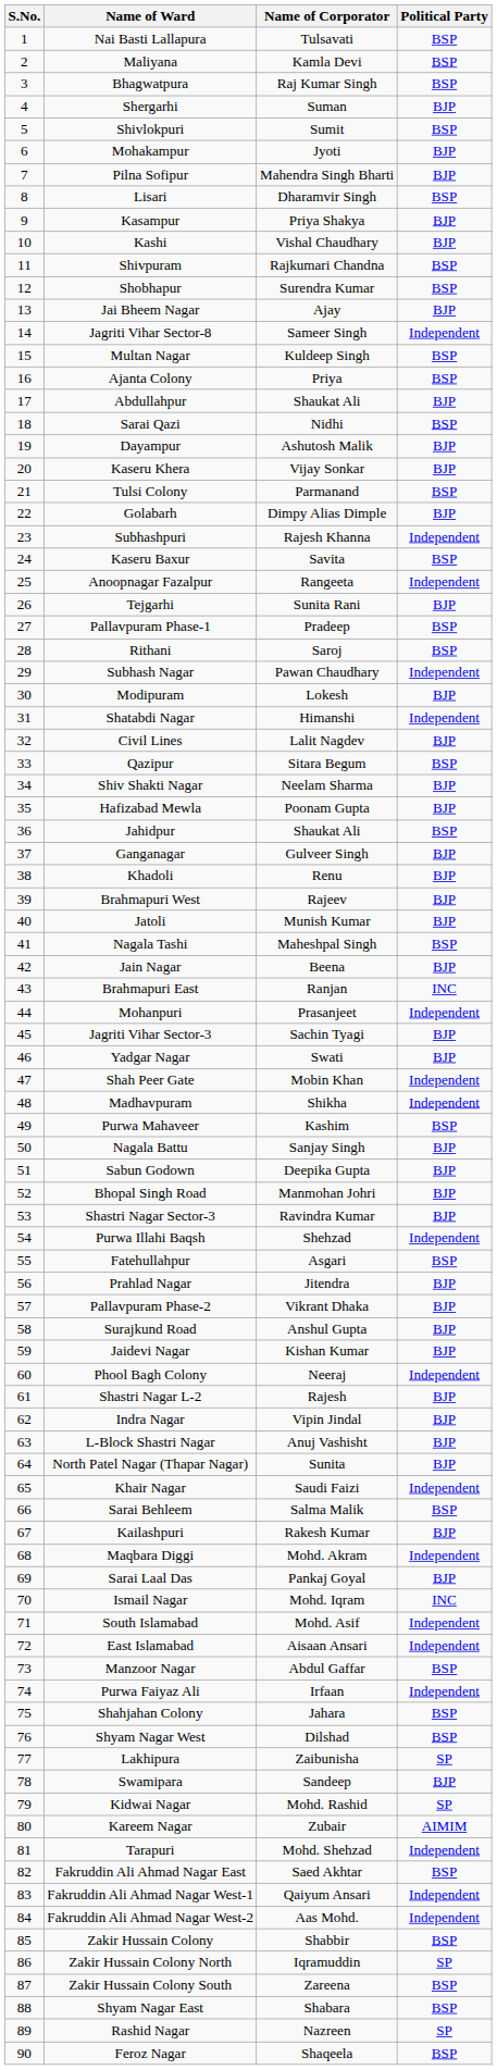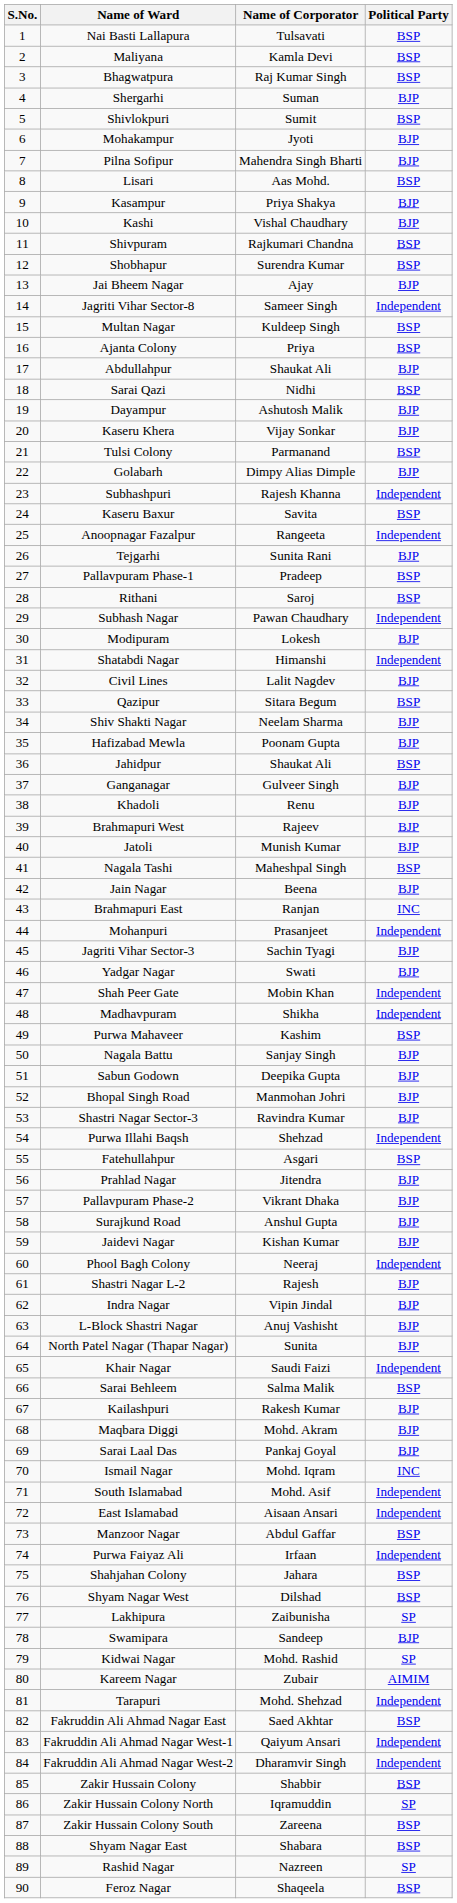 <table class="wikitable sortable">
 <tr>
 <th style="padding-center:15px;">S.No.</th>
 <th style="padding-center:15px;">Name of Ward</th>
 <th style="padding-center:15px;">Name of Corporator</th>
 <th style="padding-center:15px;">Political Party</th>
 </tr>
 <tr>
 <td align="center">1</td>
 <td align="center">Nai Basti Lallapura</td>
 <td align="center">Tulsavati</td>
 <td align="center"><a href='#'>BSP</a></td>
 </tr>
 <tr>
 <td align="center">2</td>
 <td align="center">Maliyana</td>
 <td align="center">Kamla Devi</td>
 <td align="center"><a href='#'>BSP</a></td>
 </tr>
 <tr>
 <td align="center">3</td>
 <td align="center">Bhagwatpura</td>
 <td align="center">Raj Kumar Singh</td>
 <td align="center"><a href='#'>BSP</a></td>
 </tr>
 <tr>
 <td align="center">4</td>
 <td align="center">Shergarhi</td>
 <td align="center">Suman</td>
 <td align="center"><a href='#'>BJP</a></td>
 </tr>
 <tr>
 <td align="center">5</td>
 <td align="center">Shivlokpuri</td>
 <td align="center">Sumit</td>
 <td align="center"><a href='#'>BSP</a></td>
 </tr>
 <tr>
 <td align="center">6</td>
 <td align="center">Mohakampur</td>
 <td align="center">Jyoti</td>
 <td align="center"><a href='#'>BJP</a></td>
 </tr>
 <tr>
 <td align="center">7</td>
 <td align="center">Pilna Sofipur</td>
 <td align="center">Mahendra Singh Bharti</td>
 <td align="center"><a href='#'>BJP</a></td>
 </tr>
 <tr>
 <td align="center">8</td>
 <td align="center">Lisari</td>
-<td align="center">Dharamvir Singh</td>
+<td align="center">Aas Mohd.</td>
 <td align="center"><a href='#'>BSP</a></td>
 </tr>
 <tr>
 <td align="center">9</td>
 <td align="center">Kasampur</td>
 <td align="center">Priya Shakya</td>
 <td align="center"><a href='#'>BJP</a></td>
 </tr>
 <tr>
 <td align="center">10</td>
 <td align="center">Kashi</td>
 <td align="center">Vishal Chaudhary</td>
 <td align="center"><a href='#'>BJP</a></td>
 </tr>
 <tr>
 <td align="center">11</td>
 <td align="center">Shivpuram</td>
 <td align="center">Rajkumari Chandna</td>
 <td align="center"><a href='#'>BSP</a></td>
 </tr>
 <tr>
 <td align="center">12</td>
 <td align="center">Shobhapur</td>
 <td align="center">Surendra Kumar</td>
 <td align="center"><a href='#'>BSP</a></td>
 </tr>
 <tr>
 <td align="center">13</td>
 <td align="center">Jai Bheem Nagar</td>
 <td align="center">Ajay</td>
 <td align="center"><a href='#'>BJP</a></td>
 </tr>
 <tr>
 <td align="center">14</td>
 <td align="center">Jagriti Vihar Sector-8</td>
 <td align="center">Sameer Singh</td>
 <td align="center"><a href='#'>Independent</a></td>
 </tr>
 <tr>
 <td align="center">15</td>
 <td align="center">Multan Nagar</td>
 <td align="center">Kuldeep Singh</td>
 <td align="center"><a href='#'>BSP</a></td>
 </tr>
 <tr>
 <td align="center">16</td>
 <td align="center">Ajanta Colony</td>
 <td align="center">Priya</td>
 <td align="center"><a href='#'>BSP</a></td>
 </tr>
 <tr>
 <td align="center">17</td>
 <td align="center">Abdullahpur</td>
 <td align="center">Shaukat Ali</td>
 <td align="center"><a href='#'>BJP</a></td>
 </tr>
 <tr>
 <td align="center">18</td>
 <td align="center">Sarai Qazi</td>
 <td align="center">Nidhi</td>
 <td align="center"><a href='#'>BSP</a></td>
 </tr>
 <tr>
 <td align="center">19</td>
 <td align="center">Dayampur</td>
 <td align="center">Ashutosh Malik</td>
 <td align="center"><a href='#'>BJP</a></td>
 </tr>
 <tr>
 <td align="center">20</td>
 <td align="center">Kaseru Khera</td>
 <td align="center">Vijay Sonkar</td>
 <td align="center"><a href='#'>BJP</a></td>
 </tr>
 <tr>
 <td align="center">21</td>
 <td align="center">Tulsi Colony</td>
 <td align="center">Parmanand</td>
 <td align="center"><a href='#'>BSP</a></td>
 </tr>
 <tr>
 <td align="center">22</td>
 <td align="center">Golabarh</td>
 <td align="center">Dimpy Alias Dimple</td>
 <td align="center"><a href='#'>BJP</a></td>
 </tr>
 <tr>
 <td align="center">23</td>
 <td align="center">Subhashpuri</td>
 <td align="center">Rajesh Khanna</td>
 <td align="center"><a href='#'>Independent</a></td>
 </tr>
 <tr>
 <td align="center">24</td>
 <td align="center">Kaseru Baxur</td>
 <td align="center">Savita</td>
 <td align="center"><a href='#'>BSP</a></td>
 </tr>
 <tr>
 <td align="center">25</td>
 <td align="center">Anoopnagar Fazalpur</td>
 <td align="center">Rangeeta</td>
 <td align="center"><a href='#'>Independent</a></td>
 </tr>
 <tr>
 <td align="center">26</td>
 <td align="center">Tejgarhi</td>
 <td align="center">Sunita Rani</td>
 <td align="center"><a href='#'>BJP</a></td>
 </tr>
 <tr>
 <td align="center">27</td>
 <td align="center">Pallavpuram Phase-1</td>
 <td align="center">Pradeep</td>
 <td align="center"><a href='#'>BSP</a></td>
 </tr>
 <tr>
 <td align="center">28</td>
 <td align="center">Rithani</td>
 <td align="center">Saroj</td>
 <td align="center"><a href='#'>BSP</a></td>
 </tr>
 <tr>
 <td align="center">29</td>
 <td align="center">Subhash Nagar</td>
 <td align="center">Pawan Chaudhary</td>
 <td align="center"><a href='#'>Independent</a></td>
 </tr>
 <tr>
 <td align="center">30</td>
 <td align="center">Modipuram</td>
 <td align="center">Lokesh</td>
 <td align="center"><a href='#'>BJP</a></td>
 </tr>
 <tr>
 <td align="center">31</td>
 <td align="center">Shatabdi Nagar</td>
 <td align="center">Himanshi</td>
 <td align="center"><a href='#'>Independent</a></td>
 </tr>
 <tr>
 <td align="center">32</td>
 <td align="center">Civil Lines</td>
 <td align="center">Lalit Nagdev</td>
 <td align="center"><a href='#'>BJP</a></td>
 </tr>
 <tr>
 <td align="center">33</td>
 <td align="center">Qazipur</td>
 <td align="center">Sitara Begum</td>
 <td align="center"><a href='#'>BSP</a></td>
 </tr>
 <tr>
 <td align="center">34</td>
 <td align="center">Shiv Shakti Nagar</td>
 <td align="center">Neelam Sharma</td>
 <td align="center"><a href='#'>BJP</a></td>
 </tr>
 <tr>
 <td align="center">35</td>
 <td align="center">Hafizabad Mewla</td>
 <td align="center">Poonam Gupta</td>
 <td align="center"><a href='#'>BJP</a></td>
 </tr>
 <tr>
 <td align="center">36</td>
 <td align="center">Jahidpur</td>
 <td align="center">Shaukat Ali</td>
 <td align="center"><a href='#'>BSP</a></td>
 </tr>
 <tr>
 <td align="center">37</td>
 <td align="center">Ganganagar</td>
 <td align="center">Gulveer Singh</td>
 <td align="center"><a href='#'>BJP</a></td>
 </tr>
 <tr>
 <td align="center">38</td>
 <td align="center">Khadoli</td>
 <td align="center">Renu</td>
 <td align="center"><a href='#'>BJP</a></td>
 </tr>
 <tr>
 <td align="center">39</td>
 <td align="center">Brahmapuri West</td>
 <td align="center">Rajeev</td>
 <td align="center"><a href='#'>BJP</a></td>
 </tr>
 <tr>
 <td align="center">40</td>
 <td align="center">Jatoli</td>
 <td align="center">Munish Kumar</td>
 <td align="center"><a href='#'>BJP</a></td>
 </tr>
 <tr>
 <td align="center">41</td>
 <td align="center">Nagala Tashi</td>
 <td align="center">Maheshpal Singh</td>
 <td align="center"><a href='#'>BSP</a></td>
 </tr>
 <tr>
 <td align="center">42</td>
 <td align="center">Jain Nagar</td>
 <td align="center">Beena</td>
 <td align="center"><a href='#'>BJP</a></td>
 </tr>
 <tr>
 <td align="center">43</td>
 <td align="center">Brahmapuri East</td>
 <td align="center">Ranjan</td>
 <td align="center"><a href='#'>INC</a></td>
 </tr>
 <tr>
 <td align="center">44</td>
 <td align="center">Mohanpuri</td>
 <td align="center">Prasanjeet</td>
 <td align="center"><a href='#'>Independent</a></td>
 </tr>
 <tr>
 <td align="center">45</td>
 <td align="center">Jagriti Vihar Sector-3</td>
 <td align="center">Sachin Tyagi</td>
 <td align="center"><a href='#'>BJP</a></td>
 </tr>
 <tr>
 <td align="center">46</td>
 <td align="center">Yadgar Nagar</td>
 <td align="center">Swati</td>
 <td align="center"><a href='#'>BJP</a></td>
 </tr>
 <tr>
 <td align="center">47</td>
 <td align="center">Shah Peer Gate</td>
 <td align="center">Mobin Khan</td>
 <td align="center"><a href='#'>Independent</a></td>
 </tr>
 <tr>
 <td align="center">48</td>
 <td align="center">Madhavpuram</td>
 <td align="center">Shikha</td>
 <td align="center"><a href='#'>Independent</a></td>
 </tr>
 <tr>
 <td align="center">49</td>
 <td align="center">Purwa Mahaveer</td>
 <td align="center">Kashim</td>
 <td align="center"><a href='#'>BSP</a></td>
 </tr>
 <tr>
 <td align="center">50</td>
 <td align="center">Nagala Battu</td>
 <td align="center">Sanjay Singh</td>
 <td align="center"><a href='#'>BJP</a></td>
 </tr>
 <tr>
 <td align="center">51</td>
 <td align="center">Sabun Godown</td>
 <td align="center">Deepika Gupta</td>
 <td align="center"><a href='#'>BJP</a></td>
 </tr>
 <tr>
 <td align="center">52</td>
 <td align="center">Bhopal Singh Road</td>
 <td align="center">Manmohan Johri</td>
 <td align="center"><a href='#'>BJP</a></td>
 </tr>
 <tr>
 <td align="center">53</td>
 <td align="center">Shastri Nagar Sector-3</td>
 <td align="center">Ravindra Kumar</td>
 <td align="center"><a href='#'>BJP</a></td>
 </tr>
 <tr>
 <td align="center">54</td>
 <td align="center">Purwa Illahi Baqsh</td>
 <td align="center">Shehzad</td>
 <td align="center"><a href='#'>Independent</a></td>
 </tr>
 <tr>
 <td align="center">55</td>
 <td align="center">Fatehullahpur</td>
 <td align="center">Asgari</td>
 <td align="center"><a href='#'>BSP</a></td>
 </tr>
 <tr>
 <td align="center">56</td>
 <td align="center">Prahlad Nagar</td>
 <td align="center">Jitendra</td>
 <td align="center"><a href='#'>BJP</a></td>
 </tr>
 <tr>
 <td align="center">57</td>
 <td align="center">Pallavpuram Phase-2</td>
 <td align="center">Vikrant Dhaka</td>
 <td align="center"><a href='#'>BJP</a></td>
 </tr>
 <tr>
 <td align="center">58</td>
 <td align="center">Surajkund Road</td>
 <td align="center">Anshul Gupta</td>
 <td align="center"><a href='#'>BJP</a></td>
 </tr>
 <tr>
 <td align="center">59</td>
 <td align="center">Jaidevi Nagar</td>
 <td align="center">Kishan Kumar</td>
 <td align="center"><a href='#'>BJP</a></td>
 </tr>
 <tr>
 <td align="center">60</td>
 <td align="center">Phool Bagh Colony</td>
 <td align="center">Neeraj</td>
 <td align="center"><a href='#'>Independent</a></td>
 </tr>
 <tr>
 <td align="center">61</td>
 <td align="center">Shastri Nagar L-2</td>
 <td align="center">Rajesh</td>
 <td align="center"><a href='#'>BJP</a></td>
 </tr>
 <tr>
 <td align="center">62</td>
 <td align="center">Indra Nagar</td>
 <td align="center">Vipin Jindal</td>
 <td align="center"><a href='#'>BJP</a></td>
 </tr>
 <tr>
 <td align="center">63</td>
 <td align="center">L-Block Shastri Nagar</td>
 <td align="center">Anuj Vashisht</td>
 <td align="center"><a href='#'>BJP</a></td>
 </tr>
 <tr>
 <td align="center">64</td>
 <td align="center">North Patel Nagar (Thapar Nagar)</td>
 <td align="center">Sunita</td>
 <td align="center"><a href='#'>BJP</a></td>
 </tr>
 <tr>
 <td align="center">65</td>
 <td align="center">Khair Nagar</td>
 <td align="center">Saudi Faizi</td>
 <td align="center"><a href='#'>Independent</a></td>
 </tr>
 <tr>
 <td align="center">66</td>
 <td align="center">Sarai Behleem</td>
 <td align="center">Salma Malik</td>
 <td align="center"><a href='#'>BSP</a></td>
 </tr>
 <tr>
 <td align="center">67</td>
 <td align="center">Kailashpuri</td>
 <td align="center">Rakesh Kumar</td>
 <td align="center"><a href='#'>BJP</a></td>
 </tr>
 <tr>
 <td align="center">68</td>
 <td align="center">Maqbara Diggi</td>
 <td align="center">Mohd. Akram</td>
-<td align="center"><a href='#'>Independent</a></td>
+<td align="center"><a href='#'>BJP</a></td>
 </tr>
 <tr>
 <td align="center">69</td>
 <td align="center">Sarai Laal Das</td>
 <td align="center">Pankaj Goyal</td>
 <td align="center"><a href='#'>BJP</a></td>
 </tr>
 <tr>
 <td align="center">70</td>
 <td align="center">Ismail Nagar</td>
 <td align="center">Mohd. Iqram</td>
 <td align="center"><a href='#'>INC</a></td>
 </tr>
 <tr>
 <td align="center">71</td>
 <td align="center">South Islamabad</td>
 <td align="center">Mohd. Asif</td>
 <td align="center"><a href='#'>Independent</a></td>
 </tr>
 <tr>
 <td align="center">72</td>
 <td align="center">East Islamabad</td>
 <td align="center">Aisaan Ansari</td>
 <td align="center"><a href='#'>Independent</a></td>
 </tr>
 <tr>
 <td align="center">73</td>
 <td align="center">Manzoor Nagar</td>
 <td align="center">Abdul Gaffar</td>
 <td align="center"><a href='#'>BSP</a></td>
 </tr>
 <tr>
 <td align="center">74</td>
 <td align="center">Purwa Faiyaz Ali</td>
 <td align="center">Irfaan</td>
 <td align="center"><a href='#'>Independent</a></td>
 </tr>
 <tr>
 <td align="center">75</td>
 <td align="center">Shahjahan Colony</td>
 <td align="center">Jahara</td>
 <td align="center"><a href='#'>BSP</a></td>
 </tr>
 <tr>
 <td align="center">76</td>
 <td align="center">Shyam Nagar West</td>
 <td align="center">Dilshad</td>
 <td align="center"><a href='#'>BSP</a></td>
 </tr>
 <tr>
 <td align="center">77</td>
 <td align="center">Lakhipura</td>
 <td align="center">Zaibunisha</td>
 <td align="center"><a href='#'>SP</a></td>
 </tr>
 <tr>
 <td align="center">78</td>
 <td align="center">Swamipara</td>
 <td align="center">Sandeep</td>
 <td align="center"><a href='#'>BJP</a></td>
 </tr>
 <tr>
 <td align="center">79</td>
 <td align="center">Kidwai Nagar</td>
 <td align="center">Mohd. Rashid</td>
 <td align="center"><a href='#'>SP</a></td>
 </tr>
 <tr>
 <td align="center">80</td>
 <td align="center">Kareem Nagar</td>
 <td align="center">Zubair</td>
 <td align="center"><a href='#'>AIMIM</a></td>
 </tr>
 <tr>
 <td align="center">81</td>
 <td align="center">Tarapuri</td>
 <td align="center">Mohd. Shehzad</td>
 <td align="center"><a href='#'>Independent</a></td>
 </tr>
 <tr>
 <td align="center">82</td>
 <td align="center">Fakruddin Ali Ahmad Nagar East</td>
 <td align="center">Saed Akhtar</td>
 <td align="center"><a href='#'>BSP</a></td>
 </tr>
 <tr>
 <td align="center">83</td>
 <td align="center">Fakruddin Ali Ahmad Nagar West-1</td>
 <td align="center">Qaiyum Ansari</td>
 <td align="center"><a href='#'>Independent</a></td>
 </tr>
 <tr>
 <td align="center">84</td>
 <td align="center">Fakruddin Ali Ahmad Nagar West-2</td>
-<td align="center">Aas Mohd.</td>
+<td align="center">Dharamvir Singh</td>
 <td align="center"><a href='#'>Independent</a></td>
 </tr>
 <tr>
 <td align="center">85</td>
 <td align="center">Zakir Hussain Colony</td>
 <td align="center">Shabbir</td>
 <td align="center"><a href='#'>BSP</a></td>
 </tr>
 <tr>
 <td align="center">86</td>
 <td align="center">Zakir Hussain Colony North</td>
 <td align="center">Iqramuddin</td>
 <td align="center"><a href='#'>SP</a></td>
 </tr>
 <tr>
 <td align="center">87</td>
 <td align="center">Zakir Hussain Colony South</td>
 <td align="center">Zareena</td>
 <td align="center"><a href='#'>BSP</a></td>
 </tr>
 <tr>
 <td align="center">88</td>
 <td align="center">Shyam Nagar East</td>
 <td align="center">Shabara</td>
 <td align="center"><a href='#'>BSP</a></td>
 </tr>
 <tr>
 <td align="center">89</td>
 <td align="center">Rashid Nagar</td>
 <td align="center">Nazreen</td>
 <td align="center"><a href='#'>SP</a></td>
 </tr>
 <tr>
 <td align="center">90</td>
 <td align="center">Feroz Nagar</td>
 <td align="center">Shaqeela</td>
 <td align="center"><a href='#'>BSP</a></td>
 </tr>
 </table>
